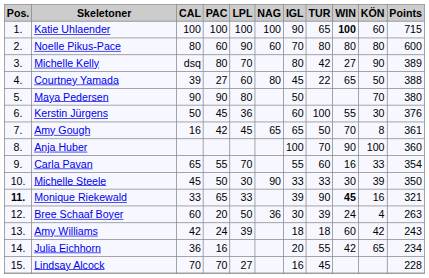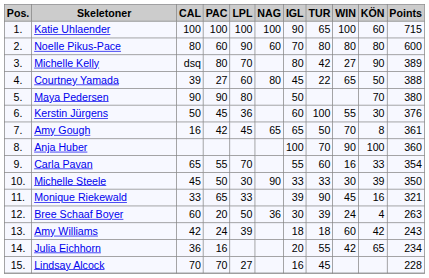 <table bgcolor="#f7f8ff" cellpadding="3" cellspacing="0" border="1" style="font-size: 95%; border: gray solid 1px; border-collapse: collapse;">
 <tr bgcolor="#CCCCCC">
 <td align="center" width="10"><strong>Pos.</strong></td>
 <td align="center" width="200"><strong>Skeletoner</strong></td>
 <td align="center" width="20"><strong>CAL</strong></td>
 <td align="center" width="20"><strong>PAC</strong></td>
 <td align="center" width="20"><strong>LPL</strong></td>
 <td align="center" width="20"><strong>NAG</strong></td>
 <td align="center" width="20"><strong>IGL</strong></td>
 <td align="center" width="20"><strong>TUR</strong></td>
 <td align="center" width="20"><strong>WIN</strong></td>
 <td align="center" width="20"><strong>KÖN</strong></td>
 <td align="center" width="20"><strong>Points</strong></td>
 </tr>
 <tr align="left">
 <td align="center">1.</td>
 <td> <a href='#'>Katie Uhlaender</a></td>
 <td align="right">100</td>
 <td align="right">100</td>
 <td align="right">100</td>
 <td align="right">100</td>
 <td align="right">90</td>
 <td align="right">65</td>
-<td align="right"><strong>100</strong></td>
+<td align="right">100</td>
 <td align="right">60</td>
 <td align="right">715</td>
 </tr>
 <tr align="left">
 <td align="center">2.</td>
 <td> <a href='#'>Noelle Pikus-Pace</a></td>
 <td align="right">80</td>
 <td align="right">60</td>
 <td align="right">90</td>
 <td align="right">60</td>
 <td align="right">70</td>
 <td align="right">80</td>
 <td align="right">80</td>
 <td align="right">80</td>
 <td align="right">600</td>
 </tr>
 <tr align="left">
 <td align="center">3.</td>
 <td> <a href='#'>Michelle Kelly</a></td>
 <td align="right">dsq</td>
 <td align="right">80</td>
 <td align="right">70</td>
 <td align="right"></td>
 <td align="right">80</td>
 <td align="right">42</td>
 <td align="right">27</td>
 <td align="right">90</td>
 <td align="right">389</td>
 </tr>
 <tr align="left">
 <td align="center">4.</td>
 <td> <a href='#'>Courtney Yamada</a></td>
 <td align="right">39</td>
 <td align="right">27</td>
 <td align="right">60</td>
 <td align="right">80</td>
 <td align="right">45</td>
 <td align="right">22</td>
 <td align="right">65</td>
 <td align="right">50</td>
 <td align="right">388</td>
 </tr>
 <tr align="left">
 <td align="center">5.</td>
 <td> <a href='#'>Maya Pedersen</a></td>
 <td align="right">90</td>
 <td align="right">90</td>
 <td align="right">80</td>
 <td align="right"></td>
 <td align="right">50</td>
 <td align="right"></td>
 <td align="right"></td>
 <td align="right">70</td>
 <td align="right">380</td>
 </tr>
 <tr align="left">
 <td align="center">6.</td>
 <td> <a href='#'>Kerstin Jürgens</a></td>
 <td align="right">50</td>
 <td align="right">45</td>
 <td align="right">36</td>
 <td align="right"></td>
 <td align="right">60</td>
 <td align="right">100</td>
 <td align="right">55</td>
 <td align="right">30</td>
 <td align="right">376</td>
 </tr>
 <tr align="left">
 <td align="center">7.</td>
 <td> <a href='#'>Amy Gough</a></td>
 <td align="right">16</td>
 <td align="right">42</td>
 <td align="right">45</td>
 <td align="right">65</td>
 <td align="right">65</td>
 <td align="right">50</td>
 <td align="right">70</td>
 <td align="right">8</td>
 <td align="right">361</td>
 </tr>
 <tr align="left">
 <td align="center">8.</td>
 <td> <a href='#'>Anja Huber</a></td>
 <td align="right"></td>
 <td align="right"></td>
 <td align="right"></td>
 <td align="right"></td>
 <td align="right">100</td>
 <td align="right">70</td>
 <td align="right">90</td>
 <td align="right">100</td>
 <td align="right">360</td>
 </tr>
 <tr align="left">
 <td align="center">9.</td>
 <td> <a href='#'>Carla Pavan</a></td>
 <td align="right">65</td>
 <td align="right">55</td>
 <td align="right">70</td>
 <td align="right"></td>
 <td align="right">55</td>
 <td align="right">60</td>
 <td align="right">16</td>
 <td align="right">33</td>
 <td align="right">354</td>
 </tr>
 <tr align="left">
 <td align="center">10.</td>
 <td> <a href='#'>Michelle Steele</a></td>
 <td align="right">45</td>
 <td align="right">50</td>
 <td align="right">30</td>
 <td align="right">90</td>
 <td align="right">33</td>
 <td align="right">33</td>
 <td align="right">30</td>
 <td align="right">39</td>
 <td align="right">350</td>
 </tr>
 <tr align="left">
-<td align="center"><strong>11.</strong></td>
+<td align="center">11.</td>
 <td> <a href='#'>Monique Riekewald</a></td>
 <td align="right">33</td>
 <td align="right">65</td>
 <td align="right">33</td>
 <td align="right"></td>
 <td align="right">39</td>
 <td align="right">90</td>
-<td align="right"><strong>45</strong></td>
+<td align="right">45</td>
 <td align="right">16</td>
 <td align="right">321</td>
 </tr>
 <tr align="left">
 <td align="center">12.</td>
 <td> <a href='#'>Bree Schaaf Boyer</a></td>
 <td align="right">60</td>
 <td align="right">20</td>
 <td align="right">50</td>
 <td align="right">36</td>
 <td align="right">30</td>
 <td align="right">39</td>
 <td align="right">24</td>
 <td align="right">4</td>
 <td align="right">263</td>
 </tr>
 <tr align="left">
 <td align="center">13.</td>
 <td> <a href='#'>Amy Williams</a></td>
 <td align="right">42</td>
 <td align="right">24</td>
 <td align="right">39</td>
 <td align="right"></td>
 <td align="right">18</td>
 <td align="right">18</td>
 <td align="right">60</td>
 <td align="right">42</td>
 <td align="right">243</td>
 </tr>
 <tr align="left">
 <td align="center">14.</td>
 <td> <a href='#'>Julia Eichhorn</a></td>
 <td align="right">36</td>
 <td align="right">16</td>
 <td align="right"></td>
 <td align="right"></td>
 <td align="right">20</td>
 <td align="right">55</td>
 <td align="right">42</td>
 <td align="right">65</td>
 <td align="right">234</td>
 </tr>
 <tr align="left">
 <td align="center">15.</td>
 <td> <a href='#'>Lindsay Alcock</a></td>
 <td align="right">70</td>
 <td align="right">70</td>
 <td align="right">27</td>
 <td align="right"></td>
 <td align="right">16</td>
 <td align="right">45</td>
 <td align="right"></td>
 <td align="right"></td>
 <td align="right">228</td>
 </tr>
 <tr>
 </tr>
 </table>
